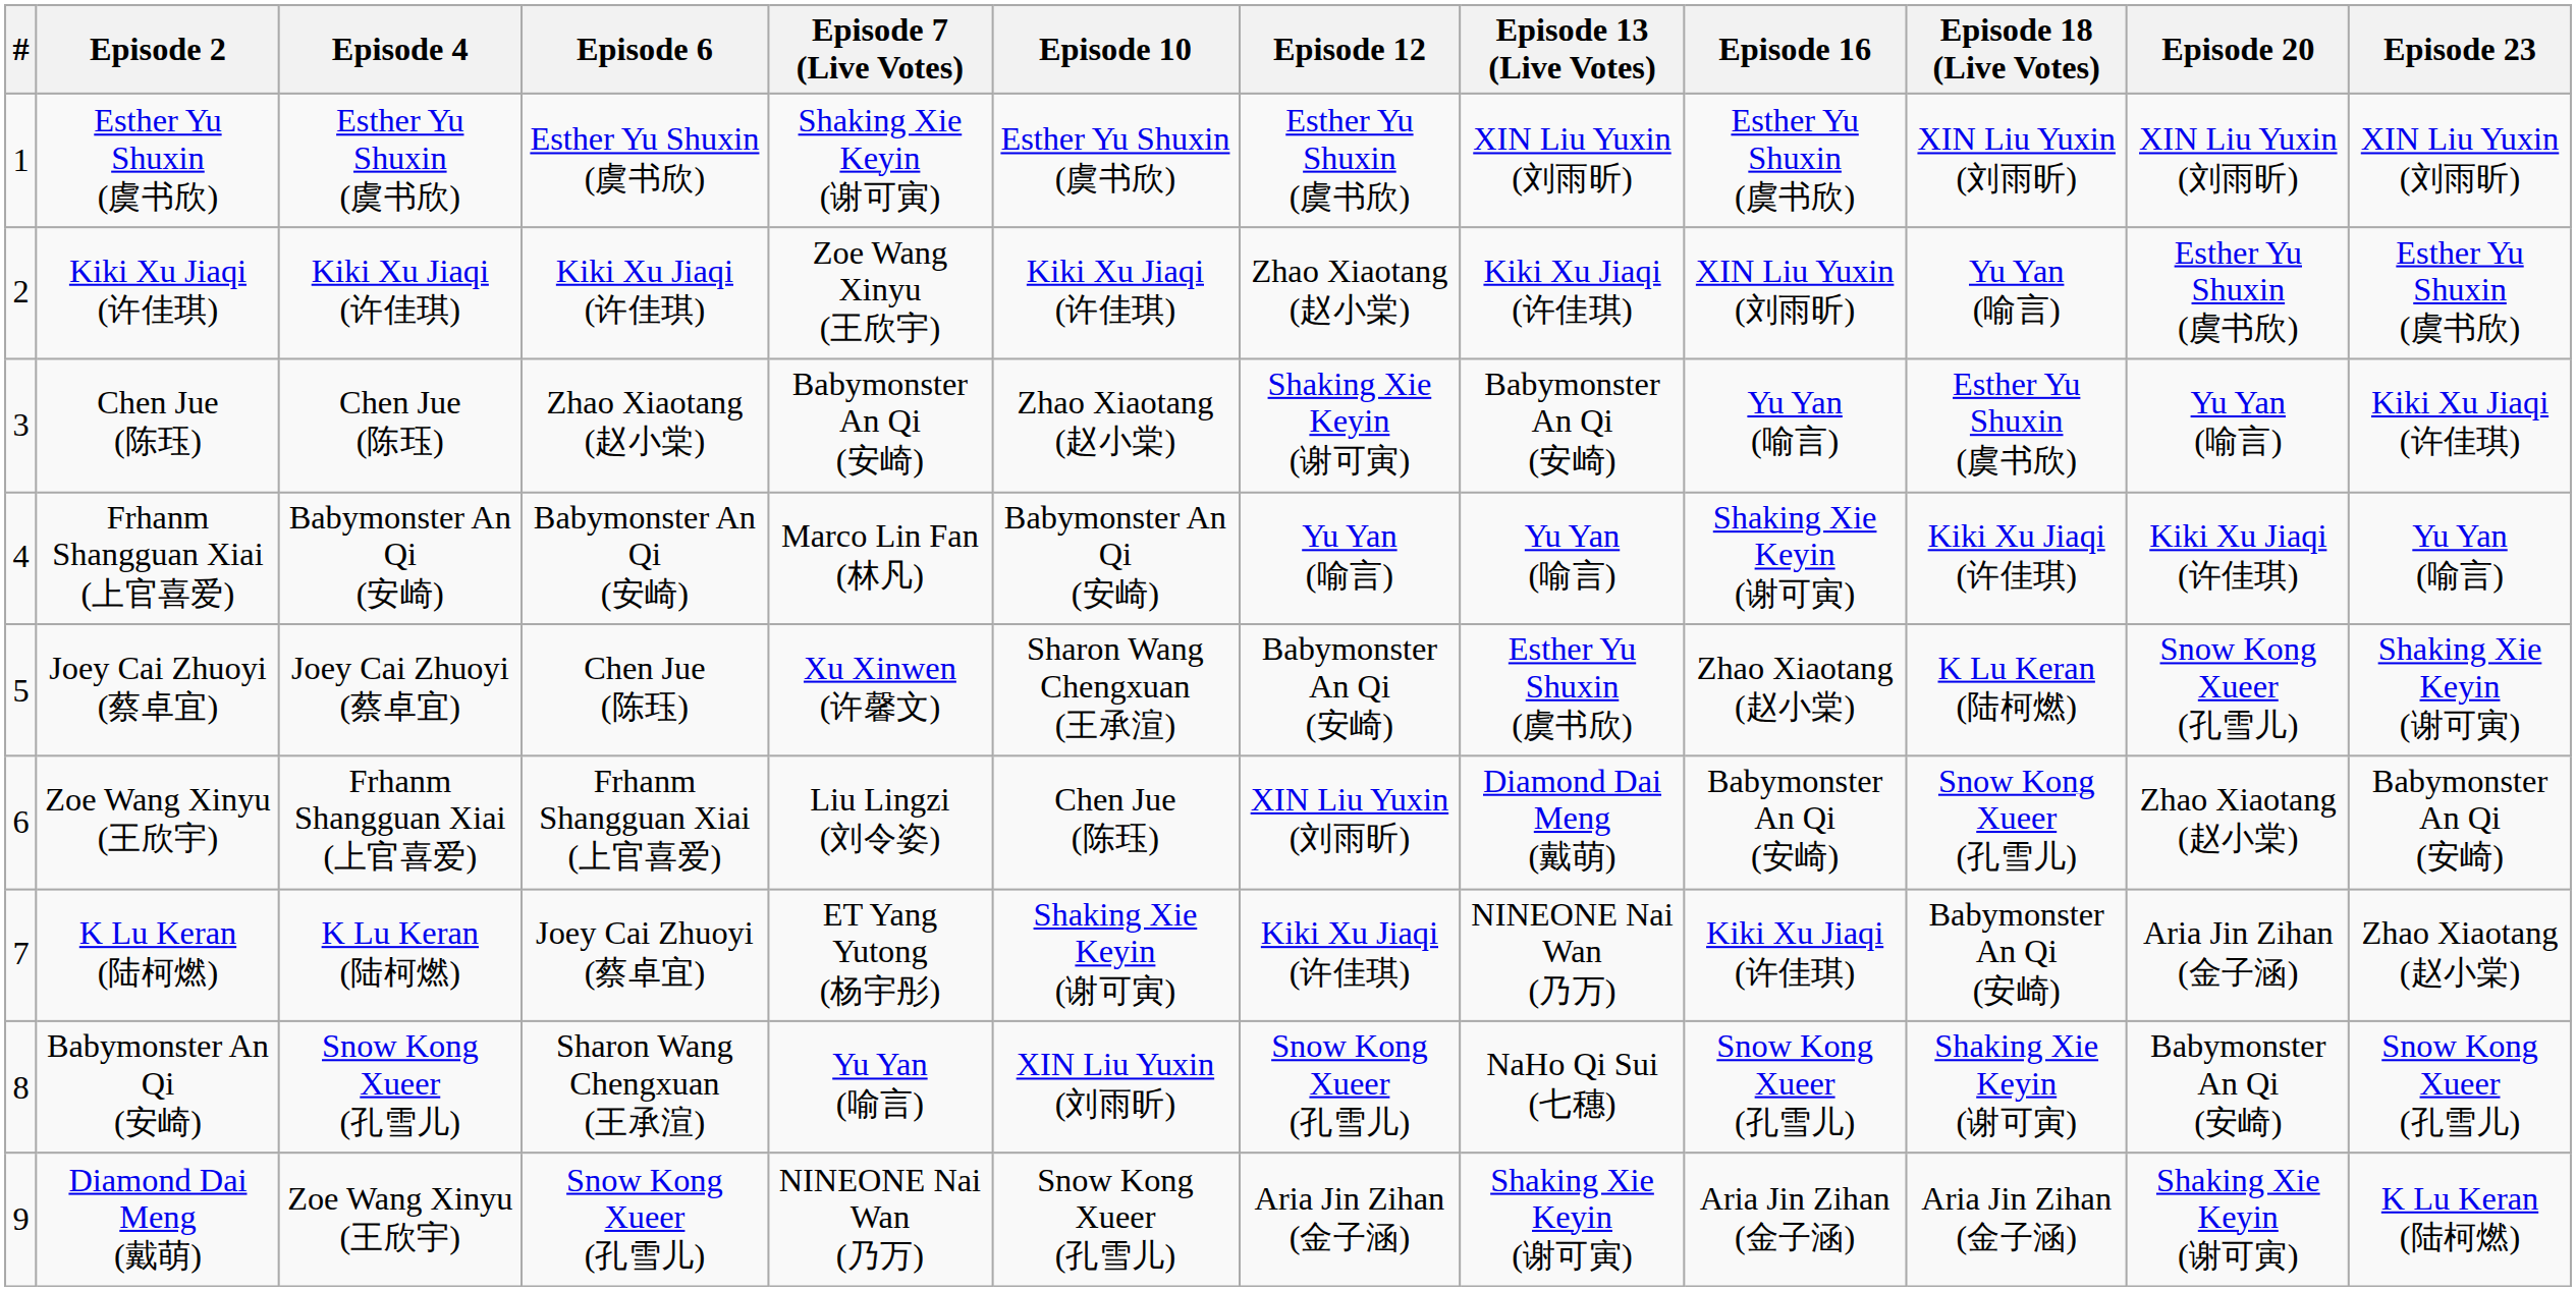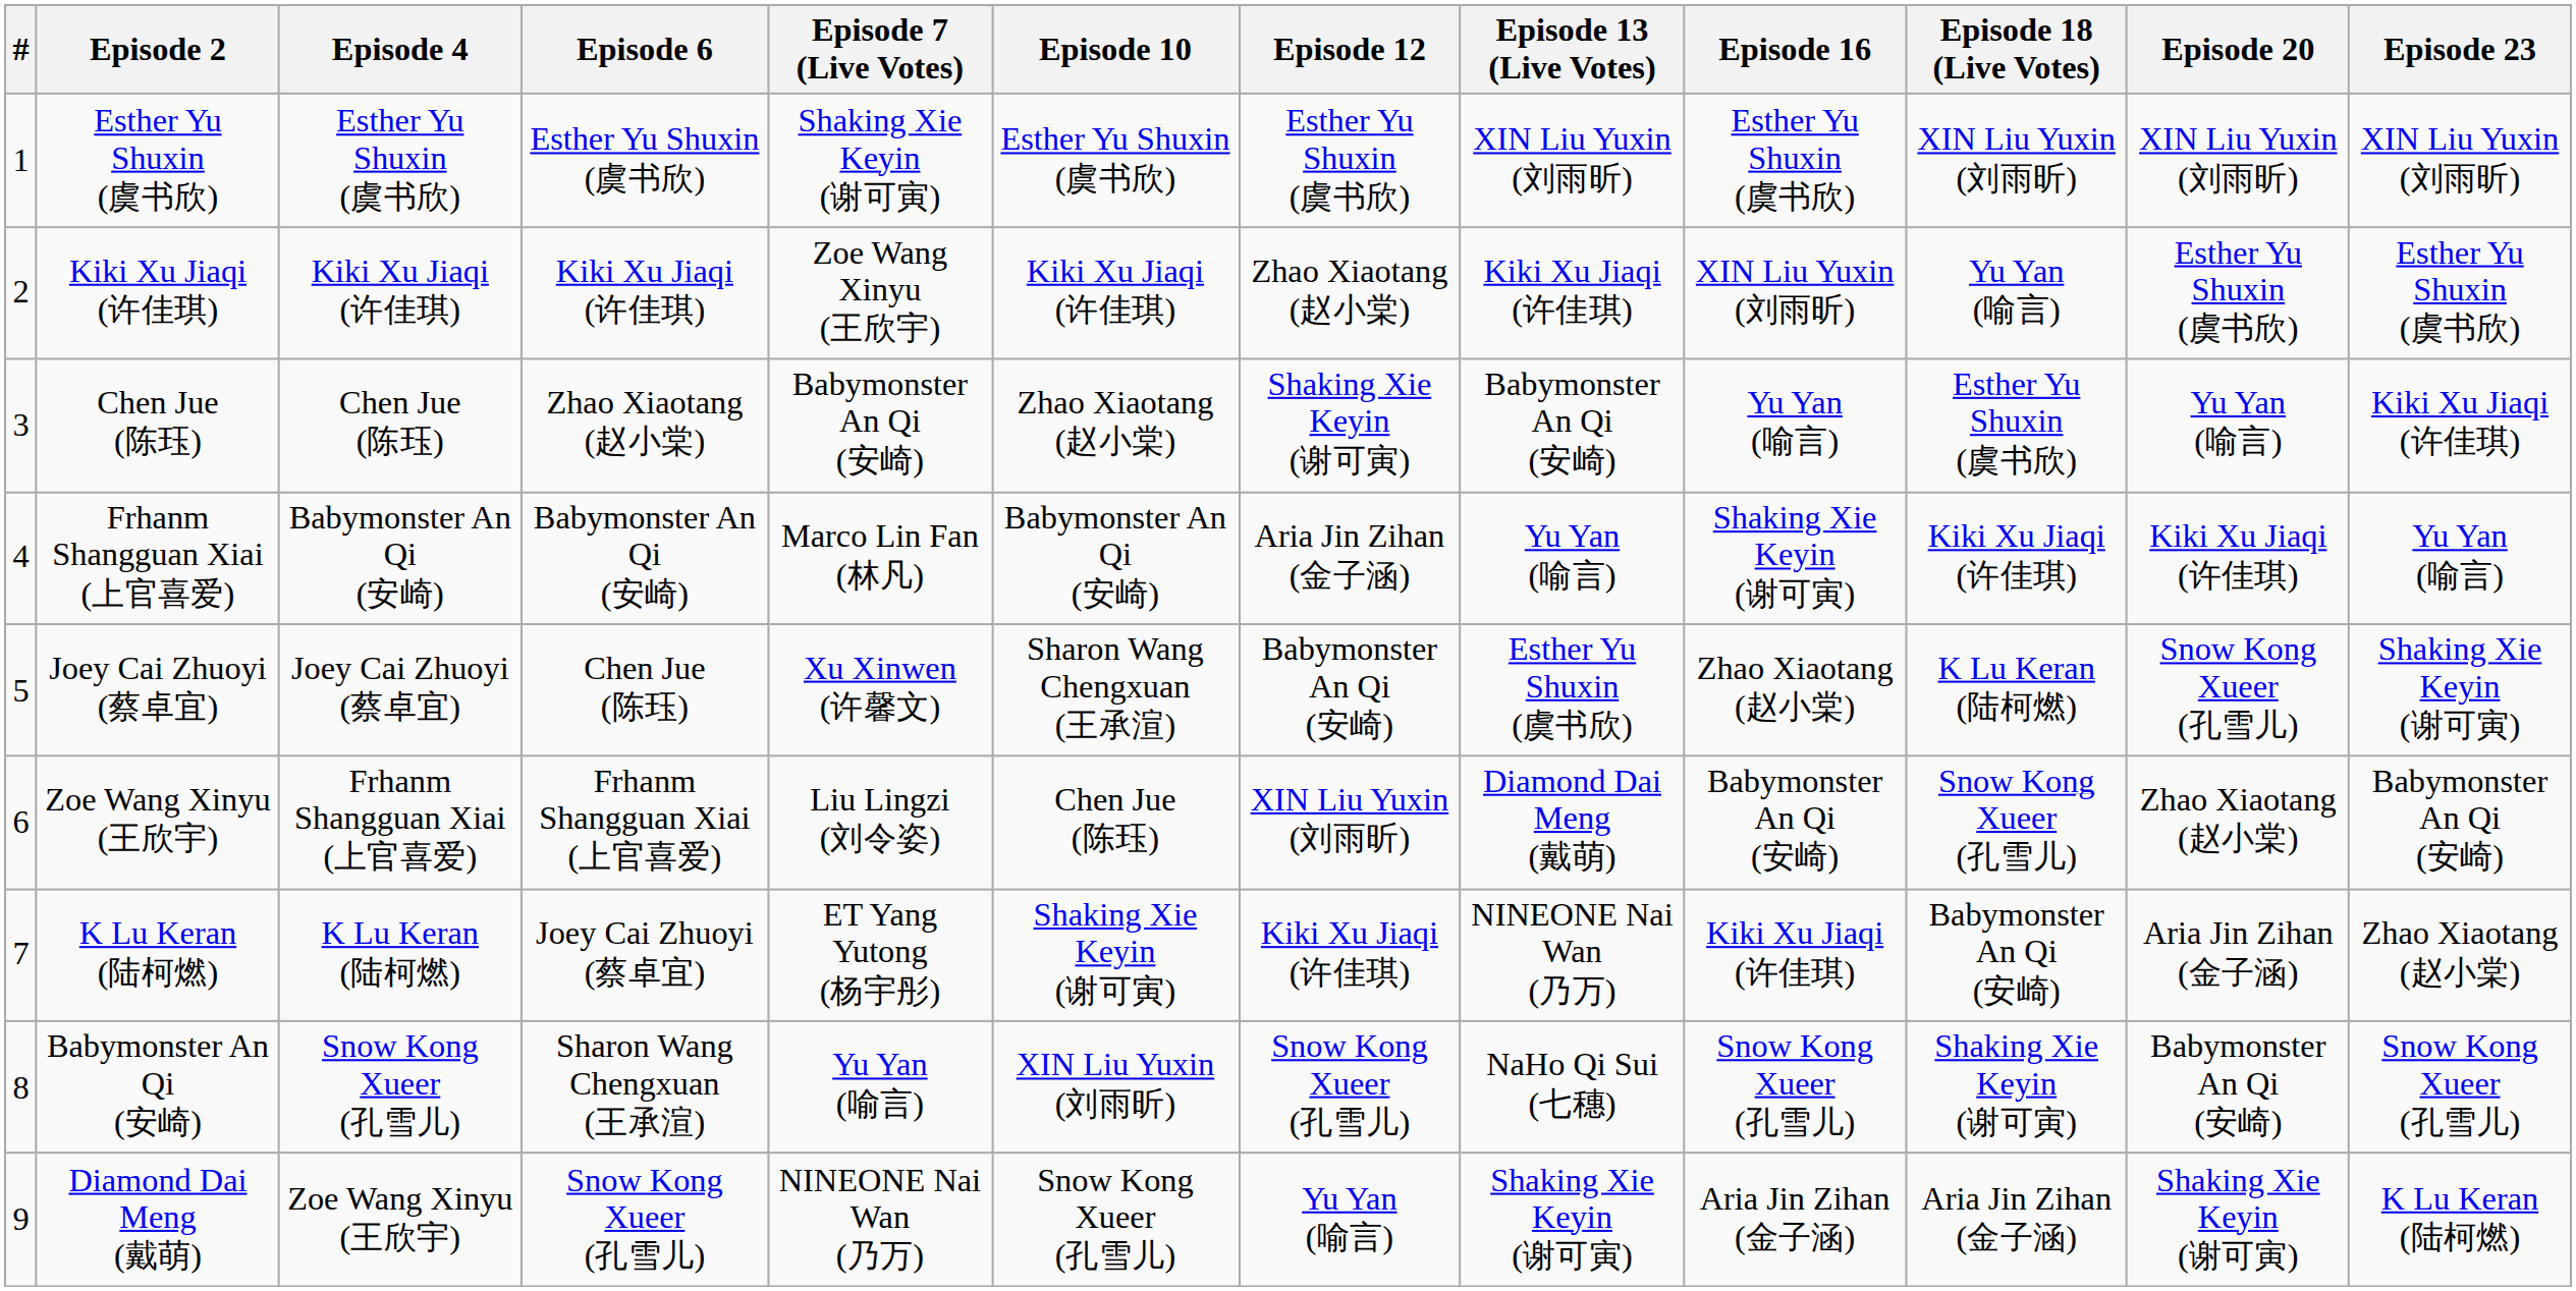 <table class="wikitable sortable" style="text-align:center;">
 <tr>
 <th>#</th>
 <th class="unsortable">Episode 2</th>
 <th class="unsortable">Episode 4</th>
 <th class="unsortable">Episode 6</th>
 <th class="unsortable">Episode 7<br>(Live Votes)</th>
 <th class="unsortable">Episode 10</th>
 <th class="unsortable">Episode 12</th>
 <th class="unsortable">Episode 13<br>(Live Votes)</th>
 <th class="unsortable">Episode 16</th>
 <th class="unsortable">Episode 18<br>(Live Votes)</th>
 <th class="unsortable">Episode 20</th>
 <th class="unsortable">Episode 23</th>
 </tr>
 <tr>
 <td>1</td>
 <td><a href='#'>Esther Yu Shuxin</a><br>(虞书欣)</td>
 <td><a href='#'>Esther Yu Shuxin</a><br>(虞书欣)</td>
 <td><a href='#'>Esther Yu Shuxin</a><br>(虞书欣)</td>
 <td><a href='#'>Shaking Xie Keyin</a><br>(谢可寅)</td>
 <td><a href='#'>Esther Yu Shuxin</a><br>(虞书欣)</td>
 <td><a href='#'>Esther Yu Shuxin</a><br>(虞书欣)</td>
 <td><a href='#'>XIN Liu Yuxin</a><br>(刘雨昕)</td>
 <td><a href='#'>Esther Yu Shuxin</a><br>(虞书欣)</td>
 <td><a href='#'>XIN Liu Yuxin</a><br>(刘雨昕)</td>
 <td><a href='#'>XIN Liu Yuxin</a><br>(刘雨昕)</td>
 <td><a href='#'>XIN Liu Yuxin</a><br>(刘雨昕)</td>
 </tr>
 <tr>
 <td>2</td>
 <td><a href='#'>Kiki Xu Jiaqi</a><br>(许佳琪)</td>
 <td><a href='#'>Kiki Xu Jiaqi</a><br>(许佳琪)</td>
 <td><a href='#'>Kiki Xu Jiaqi</a><br>(许佳琪)</td>
 <td>Zoe Wang Xinyu<br>(王欣宇)</td>
 <td><a href='#'>Kiki Xu Jiaqi</a><br>(许佳琪)</td>
 <td>Zhao Xiaotang<br>(赵小棠)</td>
 <td><a href='#'>Kiki Xu Jiaqi</a><br>(许佳琪)</td>
 <td><a href='#'>XIN Liu Yuxin</a><br>(刘雨昕)</td>
 <td><a href='#'>Yu Yan</a><br>(喻言)</td>
 <td><a href='#'>Esther Yu Shuxin</a><br>(虞书欣)</td>
 <td><a href='#'>Esther Yu Shuxin</a><br>(虞书欣)</td>
 </tr>
 <tr>
 <td>3</td>
 <td>Chen Jue<br>(陈珏)</td>
 <td>Chen Jue<br>(陈珏)</td>
 <td>Zhao Xiaotang<br>(赵小棠)</td>
 <td>Babymonster An Qi<br>(安崎)</td>
 <td>Zhao Xiaotang<br>(赵小棠)</td>
 <td><a href='#'>Shaking Xie Keyin</a><br>(谢可寅)</td>
 <td>Babymonster An Qi<br>(安崎)</td>
 <td><a href='#'>Yu Yan</a><br>(喻言)</td>
 <td><a href='#'>Esther Yu Shuxin</a><br>(虞书欣)</td>
 <td><a href='#'>Yu Yan</a><br>(喻言)</td>
 <td><a href='#'>Kiki Xu Jiaqi</a><br>(许佳琪)</td>
 </tr>
 <tr>
 <td>4</td>
 <td>Frhanm Shangguan Xiai<br>(上官喜爱)</td>
 <td>Babymonster An Qi<br>(安崎)</td>
 <td>Babymonster An Qi<br>(安崎)</td>
 <td>Marco Lin Fan<br>(林凡)</td>
 <td>Babymonster An Qi<br>(安崎)</td>
-<td><a href='#'>Yu Yan</a><br>(喻言)</td>
+<td>Aria Jin Zihan<br>(金子涵)</td>
 <td><a href='#'>Yu Yan</a><br>(喻言)</td>
 <td><a href='#'>Shaking Xie Keyin</a><br>(谢可寅)</td>
 <td><a href='#'>Kiki Xu Jiaqi</a><br>(许佳琪)</td>
 <td><a href='#'>Kiki Xu Jiaqi</a><br>(许佳琪)</td>
 <td><a href='#'>Yu Yan</a><br>(喻言)</td>
 </tr>
 <tr>
 <td>5</td>
 <td>Joey Cai Zhuoyi<br>(蔡卓宜)</td>
 <td>Joey Cai Zhuoyi<br>(蔡卓宜)</td>
 <td>Chen Jue<br>(陈珏)</td>
 <td><a href='#'>Xu Xinwen</a><br>(许馨文)</td>
 <td>Sharon Wang Chengxuan<br>(王承渲)</td>
 <td>Babymonster An Qi<br>(安崎)</td>
 <td><a href='#'>Esther Yu Shuxin</a><br>(虞书欣)</td>
 <td>Zhao Xiaotang<br>(赵小棠)</td>
 <td><a href='#'>K Lu Keran</a><br>(陆柯燃)</td>
 <td><a href='#'>Snow Kong Xueer</a><br>(孔雪儿)</td>
 <td><a href='#'>Shaking Xie Keyin</a><br>(谢可寅)</td>
 </tr>
 <tr>
 <td>6</td>
 <td>Zoe Wang Xinyu<br>(王欣宇)</td>
 <td>Frhanm Shangguan Xiai<br>(上官喜爱)</td>
 <td>Frhanm Shangguan Xiai<br>(上官喜爱)</td>
 <td>Liu Lingzi<br>(刘令姿)</td>
 <td>Chen Jue<br>(陈珏)</td>
 <td><a href='#'>XIN Liu Yuxin</a><br>(刘雨昕)</td>
 <td><a href='#'>Diamond Dai Meng</a><br>(戴萌)</td>
 <td>Babymonster An Qi<br>(安崎)</td>
 <td><a href='#'>Snow Kong Xueer</a><br>(孔雪儿)</td>
 <td>Zhao Xiaotang<br>(赵小棠)</td>
 <td>Babymonster An Qi<br>(安崎)</td>
 </tr>
 <tr>
 <td>7</td>
 <td><a href='#'>K Lu Keran</a><br>(陆柯燃)</td>
 <td><a href='#'>K Lu Keran</a><br>(陆柯燃)</td>
 <td>Joey Cai Zhuoyi<br>(蔡卓宜)</td>
 <td>ET Yang Yutong<br>(杨宇彤)</td>
 <td><a href='#'>Shaking Xie Keyin</a><br>(谢可寅)</td>
 <td><a href='#'>Kiki Xu Jiaqi</a><br>(许佳琪)</td>
 <td>NINEONE Nai Wan<br>(乃万)</td>
 <td><a href='#'>Kiki Xu Jiaqi</a><br>(许佳琪)</td>
 <td>Babymonster An Qi<br>(安崎)</td>
 <td>Aria Jin Zihan<br>(金子涵)</td>
 <td>Zhao Xiaotang<br>(赵小棠)</td>
 </tr>
 <tr>
 <td>8</td>
 <td>Babymonster An Qi<br>(安崎)</td>
 <td><a href='#'>Snow Kong Xueer</a><br>(孔雪儿)</td>
 <td>Sharon Wang Chengxuan<br>(王承渲)</td>
 <td><a href='#'>Yu Yan</a><br>(喻言)</td>
 <td><a href='#'>XIN Liu Yuxin</a><br>(刘雨昕)</td>
 <td><a href='#'>Snow Kong Xueer</a><br>(孔雪儿)</td>
 <td>NaHo Qi Sui<br>(七穗)</td>
 <td><a href='#'>Snow Kong Xueer</a><br>(孔雪儿)</td>
 <td><a href='#'>Shaking Xie Keyin</a><br>(谢可寅)</td>
 <td>Babymonster An Qi<br>(安崎)</td>
 <td><a href='#'>Snow Kong Xueer</a><br>(孔雪儿)</td>
 </tr>
 <tr>
 <td>9</td>
 <td><a href='#'>Diamond Dai Meng</a><br>(戴萌)</td>
 <td>Zoe Wang Xinyu<br>(王欣宇)</td>
 <td><a href='#'>Snow Kong Xueer</a><br>(孔雪儿)</td>
 <td>NINEONE Nai Wan<br>(乃万)</td>
 <td>Snow Kong Xueer<br>(孔雪儿)</td>
-<td>Aria Jin Zihan<br>(金子涵)</td>
+<td><a href='#'>Yu Yan</a><br>(喻言)</td>
 <td><a href='#'>Shaking Xie Keyin</a><br>(谢可寅)</td>
 <td>Aria Jin Zihan<br>(金子涵)</td>
 <td>Aria Jin Zihan<br>(金子涵)</td>
 <td><a href='#'>Shaking Xie Keyin</a><br>(谢可寅)</td>
 <td><a href='#'>K Lu Keran</a><br>(陆柯燃)</td>
 </tr>
 </table>
